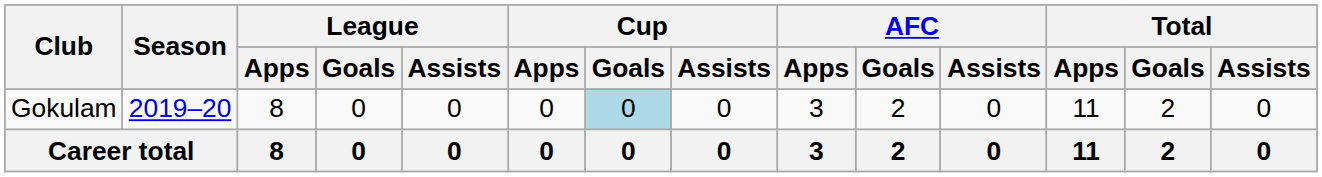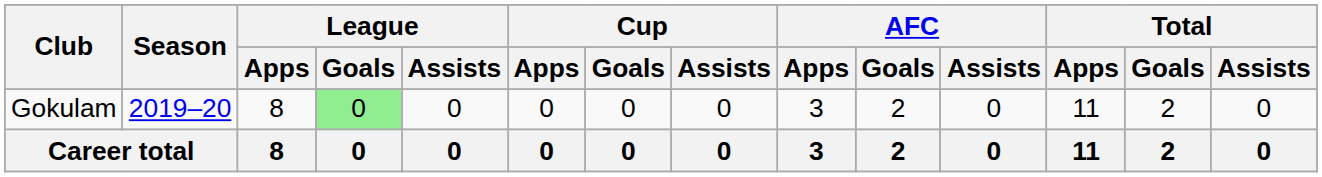 <table class="wikitable" style="font-size:90%; text-align:center;">
 <tr>
 <th rowspan="2">Club</th>
 <th rowspan="2">Season</th>
 <th colspan="3">League</th>
 <th colspan="3">Cup</th>
 <th colspan="3"><a href='#'>AFC</a></th>
 <th colspan="3">Total</th>
 </tr>
 <tr>
 <th>Apps</th>
 <th>Goals</th>
 <th>Assists</th>
 <th>Apps</th>
 <th>Goals</th>
 <th>Assists</th>
 <th>Apps</th>
 <th>Goals</th>
 <th>Assists</th>
 <th>Apps</th>
 <th>Goals</th>
 <th>Assists</th>
 </tr>
 <tr>
 <td>Gokulam</td>
 <td><a href='#'>2019–20</a></td>
 <td>8</td>
+<td style="background: lightgreen;">0</td>
 <td>0</td>
 <td>0</td>
 <td>0</td>
-<td style="background: lightblue;">0</td>
 <td>0</td>
 <td>3</td>
 <td>2</td>
 <td>0</td>
 <td>11</td>
 <td>2</td>
 <td>0</td>
 </tr>
 <tr>
 <th colspan="2">Career total</th>
 <th>8</th>
 <th>0</th>
 <th>0</th>
 <th>0</th>
 <th>0</th>
 <th>0</th>
 <th>3</th>
 <th>2</th>
 <th>0</th>
 <th>11</th>
 <th>2</th>
 <th>0</th>
 </tr>
 </table>
